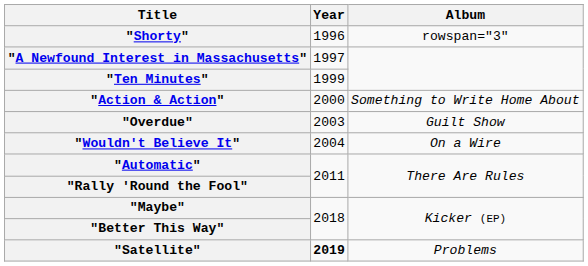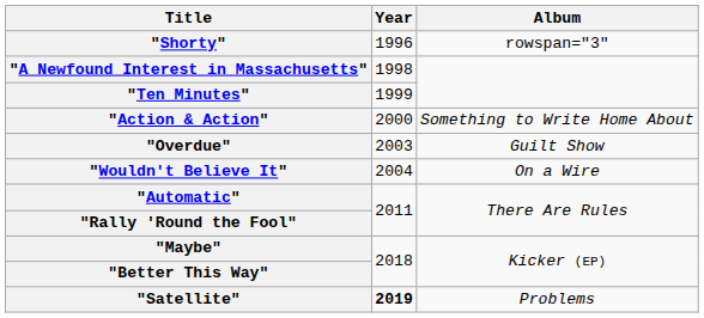 <table class="wikitable plainrowheaders" style="text-align:center">
 <tr>
 <th rowspan="1">Title</th>
 <th rowspan="1">Year</th>
 <th rowspan="1">Album</th>
 </tr>
 <tr>
 <th scope="row">"<a href='#'>Shorty</a>"</th>
 <td>1996</td>
 <td>rowspan="3" </td>
 </tr>
 <tr>
 <th scope="row">"<a href='#'>A Newfound Interest in Massachusetts</a>"</th>
-<td>1997</td>
+<td>1998</td>
 </tr>
 <tr>
 <th scope="row">"<a href='#'>Ten Minutes</a>"</th>
 <td>1999</td>
 </tr>
 <tr>
 <th scope="row">"<a href='#'>Action & Action</a>"</th>
 <td>2000</td>
 <td><em>Something to Write Home About</em></td>
 </tr>
 <tr>
 <th scope="row">"Overdue"</th>
 <td>2003</td>
 <td><em>Guilt Show</em></td>
 </tr>
 <tr>
 <th scope="row">"<a href='#'>Wouldn't Believe It</a>"</th>
 <td>2004</td>
 <td><em>On a Wire</em></td>
 </tr>
 <tr>
 <th scope="row">"<a href='#'>Automatic</a>"</th>
 <td rowspan="2">2011</td>
 <td rowspan="2"><em>There Are Rules</em></td>
 </tr>
 <tr>
 <th scope="row">"Rally 'Round the Fool"</th>
 </tr>
 <tr>
 <th scope="row">"Maybe"</th>
 <td rowspan="2">2018</td>
 <td rowspan="2"><em>Kicker</em> <small>(EP)</small></td>
 </tr>
 <tr>
 <th scope="row">"Better This Way"</th>
 </tr>
 <tr>
 <th scope="row">"Satellite"</th>
 <td><strong>2019</strong></td>
 <td><em>Problems</em></td>
 </tr>
 </table>
